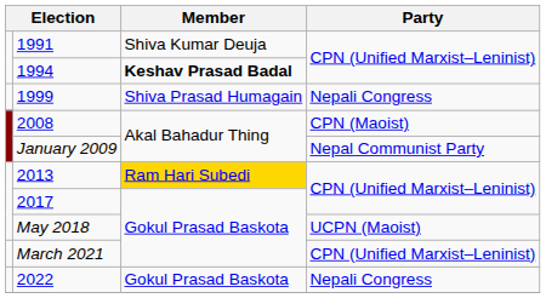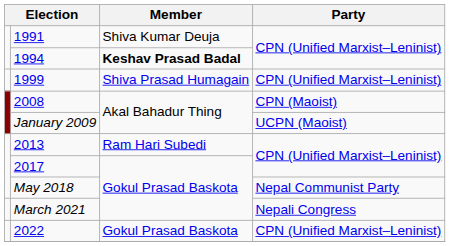 <table class="wikitable">
 <tr>
 <th colspan="2">Election</th>
 <th>Member</th>
 <th>Party</th>
 </tr>
 <tr>
 <td rowspan="2" style="background-color:"></td>
 <td><a href='#'>1991</a></td>
 <td>Shiva Kumar Deuja</td>
 <td rowspan="2"><a href='#'>CPN (Unified Marxist–Leninist)</a></td>
 </tr>
 <tr>
 <td><a href='#'>1994</a></td>
 <td><strong>Keshav Prasad Badal</strong></td>
 </tr>
 <tr>
 <td style="background-color:"></td>
 <td><a href='#'>1999</a></td>
 <td><a href='#'>Shiva Prasad Humagain</a></td>
-<td><a href='#'>Nepali Congress</a></td>
+<td><a href='#'>CPN (Unified Marxist–Leninist)</a></td>
 </tr>
 <tr>
 <td rowspan="2" style="background-color:darkred"></td>
 <td><a href='#'>2008</a></td>
 <td rowspan="2">Akal Bahadur Thing</td>
 <td><a href='#'>CPN (Maoist)</a></td>
 </tr>
 <tr>
 <td><em>January 2009</em></td>
-<td><a href='#'>Nepal Communist Party</a></td>
+<td><a href='#'>UCPN (Maoist)</a></td>
 </tr>
 <tr>
 <td rowspan="3" style="background-color:"></td>
 <td><a href='#'>2013</a></td>
-<td style="background: gold;"><a href='#'>Ram Hari Subedi</a></td>
+<td><a href='#'>Ram Hari Subedi</a></td>
 <td rowspan="2"><a href='#'>CPN (Unified Marxist–Leninist)</a></td>
 </tr>
 <tr>
 <td><a href='#'>2017</a></td>
 <td rowspan="3"><a href='#'>Gokul Prasad Baskota</a></td>
 </tr>
 <tr>
 <td><em>May 2018</em></td>
-<td><a href='#'>UCPN (Maoist)</a></td>
+<td><a href='#'>Nepal Communist Party</a></td>
 </tr>
 <tr>
 <td></td>
 <td><em>March 2021</em></td>
-<td><a href='#'>CPN (Unified Marxist–Leninist)</a></td>
+<td><a href='#'>Nepali Congress</a></td>
 </tr>
 <tr>
 <td></td>
 <td><a href='#'>2022</a></td>
 <td><a href='#'>Gokul Prasad Baskota</a></td>
-<td><a href='#'>Nepali Congress</a></td>
+<td><a href='#'>CPN (Unified Marxist–Leninist)</a></td>
 </tr>
 <tr>
 </tr>
 </table>
